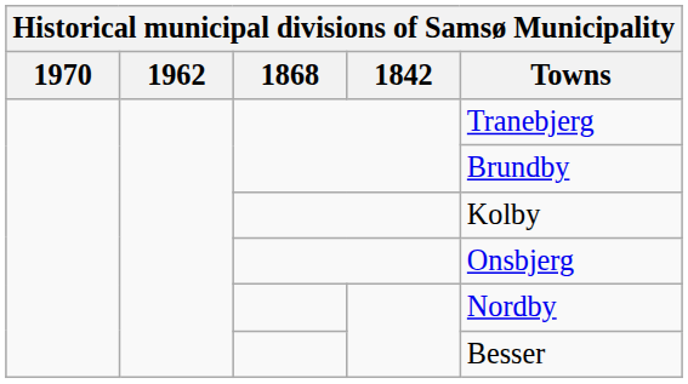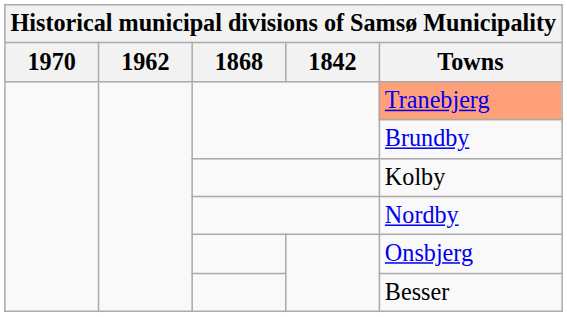 <table class="wikitable" style="margin-left:1em;" style="text-align: center">
 <tr>
 <th colspan="99">Historical municipal divisions of Samsø Municipality</th>
 </tr>
 <tr>
 <th>1970</th>
 <th>1962</th>
 <th>1868</th>
 <th>1842</th>
 <th>Towns</th>
 </tr>
 <tr>
 <td rowspan="99"></td>
 <td rowspan="6"></td>
 <td rowspan="2" colspan="2"></td>
-<td><a href='#'>Tranebjerg</a></td>
+<td style="background: lightsalmon;"><a href='#'>Tranebjerg</a></td>
 </tr>
 <tr>
 <td><a href='#'>Brundby</a></td>
 </tr>
 <tr>
 <td colspan="2"></td>
 <td>Kolby</td>
 </tr>
 <tr>
 <td colspan="2"></td>
-<td><a href='#'>Onsbjerg</a></td>
+<td><a href='#'>Nordby</a></td>
 </tr>
 <tr>
 <td></td>
 <td rowspan="2"></td>
-<td><a href='#'>Nordby</a></td>
+<td><a href='#'>Onsbjerg</a></td>
 </tr>
 <tr>
 <td></td>
 <td>Besser</td>
 </tr>
 </table>
